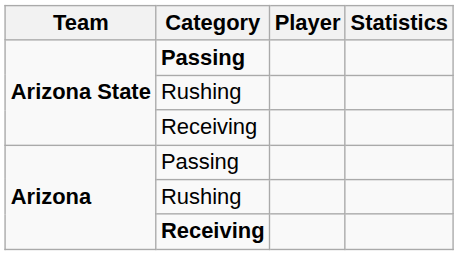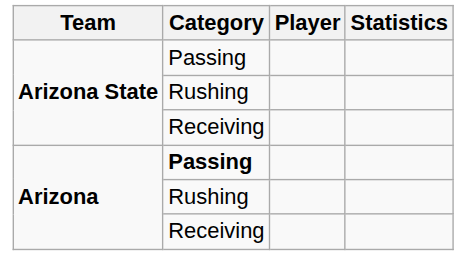 <table class="wikitable" style="float: right;">
 <tr>
 <th>Team</th>
 <th>Category</th>
 <th>Player</th>
 <th>Statistics</th>
 </tr>
 <tr>
 <td rowspan=3><strong>Arizona State</strong></td>
-<td><strong>Passing</strong></td>
+<td>Passing</td>
 <td></td>
 <td></td>
 </tr>
 <tr>
 <td>Rushing</td>
 <td></td>
 <td></td>
 </tr>
 <tr>
 <td>Receiving</td>
 <td></td>
 <td></td>
 </tr>
 <tr>
 <td rowspan=3><strong>Arizona</strong></td>
-<td>Passing</td>
+<td><strong>Passing</strong></td>
 <td></td>
 <td></td>
 </tr>
 <tr>
 <td>Rushing</td>
 <td></td>
 <td></td>
 </tr>
 <tr>
-<td><strong>Receiving</strong></td>
+<td>Receiving</td>
 <td></td>
 <td></td>
 </tr>
 </table>
